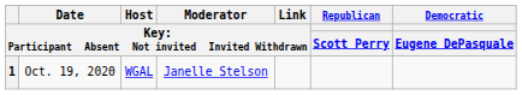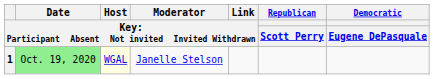 <table class="wikitable" style="text-align:center;">
 <tr>
 <th scope="col"></th>
 <th scope="col">Date</th>
 <th scope="col">Host</th>
 <th scope="col">Moderator</th>
 <th scope="col">Link</th>
 <th scope="col"><small><a href='#'>Republican</a></small></th>
 <th scope="col"><small><a href='#'>Democratic</a></small></th>
 </tr>
 <tr>
 <th colspan="5" rowspan="2">Key:<br> <small>Participant </small>  <small>Absent </small>  <small>Not invited </small>  <small>Invited  Withdrawn</small></th>
 <th scope="col" style="background:"></th>
 <th scope="col" style="background:"></th>
 </tr>
 <tr>
 <th scope="col"><a href='#'>Scott Perry</a></th>
 <th scope="col"><a href='#'>Eugene DePasquale</a></th>
 </tr>
 <tr>
 <th>1</th>
-<td style="white-space:nowrap;">Oct. 19, 2020</td>
-<td style="white-space:nowrap;"><a href='#'>WGAL</a></td>
+<td style="background: lightgreen; white-space:nowrap;">Oct. 19, 2020</td>
+<td style="background: lightyellow; white-space:nowrap;"><a href='#'>WGAL</a></td>
 <td style="white-space:nowrap;"><a href='#'>Janelle Stelson</a></td>
 <td style="white-space:nowrap;"><br><br></td>
 <td></td>
 <td></td>
 </tr>
 </table>
